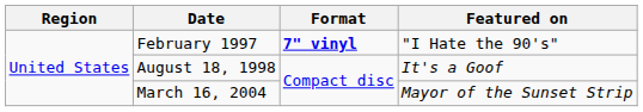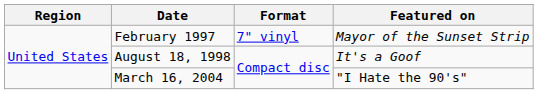 <table class="wikitable">
 <tr>
 <th>Region</th>
 <th>Date</th>
 <th>Format</th>
 <th>Featured on</th>
 </tr>
 <tr>
 <td rowspan=3><a href='#'>United States</a></td>
 <td rowspan=1>February 1997</td>
-<td rowspan=1><strong><a href='#'>7" vinyl</a></strong></td>
-<td>"I Hate the 90's"</td>
+<td rowspan=1><a href='#'>7" vinyl</a></td>
+<td><em>Mayor of the Sunset Strip</em></td>
 </tr>
 <tr>
 <td>August 18, 1998</td>
 <td rowspan=2><a href='#'>Compact disc</a></td>
 <td><em>It's a Goof</em></td>
 </tr>
 <tr>
 <td>March 16, 2004</td>
-<td><em>Mayor of the Sunset Strip</em></td>
+<td>"I Hate the 90's"</td>
 </tr>
 </table>
